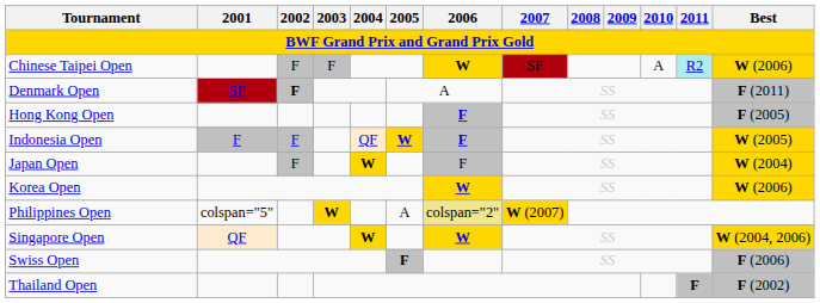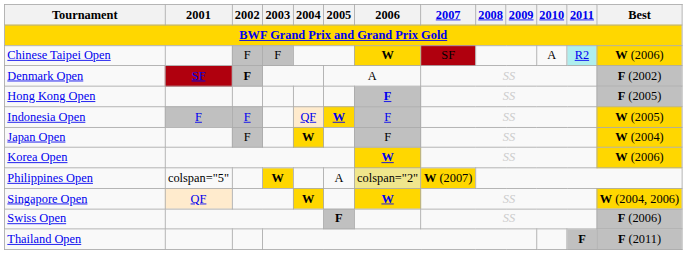 <table class="wikitable" style="font-size: 90%; text-align:center">
 <tr>
 <th width=180>Tournament</th>
 <th>2001</th>
 <th>2002</th>
 <th>2003</th>
 <th>2004</th>
 <th>2005</th>
 <th>2006</th>
 <th><a href='#'>2007</a></th>
 <th><a href='#'>2008</a></th>
 <th><a href='#'>2009</a></th>
 <th><a href='#'>2010</a></th>
 <th><a href='#'>2011</a></th>
 <th>Best</th>
 </tr>
 <tr bgcolor=FFD700>
 <td colspan=20 align=center><strong><a href='#'>BWF Grand Prix and Grand Prix Gold</a></strong></td>
 </tr>
 <tr>
 <td align=left> <a href='#'>Chinese Taipei Open</a></td>
 <td></td>
 <td bgcolor=Silver>F</td>
 <td bgcolor=Silver>F</td>
 <td colspan="2"></td>
 <td bgcolor=Gold><strong>W</strong></td>
 <td bgcolor=Bronze>SF</td>
 <td colspan="2"></td>
 <td>A</td>
 <td bgcolor=AFEEEE><a href='#'>R2</a></td>
 <td bgcolor=Gold><strong>W</strong> (2006)</td>
 </tr>
 <tr>
 <td align=left> <a href='#'>Denmark Open</a></td>
 <td bgcolor=Bronze><a href='#'>SF</a></td>
 <td bgcolor=Silver><strong>F</strong></td>
 <td colspan="2"></td>
 <td colspan="2">A</td>
 <td colspan="5" style=color:#ccc><em>SS</em></td>
-<td bgcolor=Silver><strong>F</strong> (2011)</td>
+<td bgcolor=Silver><strong>F</strong> (2002)</td>
 </tr>
 <tr>
 <td align=left> <a href='#'>Hong Kong Open</a></td>
 <td></td>
 <td></td>
 <td></td>
 <td></td>
 <td></td>
 <td bgcolor=Silver><a href='#'><strong>F</strong></a></td>
 <td colspan="5" style=color:#ccc><em>SS</em></td>
 <td bgcolor=Silver><strong>F</strong> (2005)</td>
 </tr>
 <tr>
 <td align=left> <a href='#'>Indonesia Open</a></td>
 <td bgcolor=Silver><a href='#'>F</a></td>
 <td bgcolor=Silver><a href='#'>F</a></td>
 <td></td>
 <td bgcolor=FFEBCD><a href='#'>QF</a></td>
 <td bgcolor=Gold><a href='#'><strong>W</strong></a></td>
-<td bgcolor=Silver><strong><a href='#'>F</a></strong></td>
+<td bgcolor=Silver><a href='#'>F</a></td>
 <td colspan="5" style=color:#ccc><em>SS</em></td>
 <td bgcolor=Gold><strong>W</strong> (2005)</td>
 </tr>
 <tr>
 <td align=left> <a href='#'>Japan Open</a></td>
 <td></td>
 <td bgcolor=Silver>F</td>
 <td></td>
 <td bgcolor=Gold><strong>W</strong></td>
 <td></td>
 <td bgcolor=Silver>F</td>
 <td colspan="5" style=color:#ccc><em>SS</em></td>
 <td bgcolor=Gold><strong>W</strong> (2004)</td>
 </tr>
 <tr>
 <td align=left> <a href='#'>Korea Open</a></td>
 <td colspan="5"></td>
 <td bgcolor=Gold><a href='#'><strong>W</strong></a></td>
 <td colspan="5" style=color:#ccc><em>SS</em></td>
 <td bgcolor=Gold><strong>W</strong> (2006)</td>
 </tr>
 <tr>
 <td align=left> <a href='#'>Philippines Open</a></td>
 <td>colspan="5" </td>
 <td></td>
 <td bgcolor=Gold><strong>W</strong></td>
 <td></td>
 <td>A</td>
 <td style="background: khaki;">colspan="2" </td>
 <td bgcolor=Gold><strong>W</strong> (2007)</td>
 </tr>
 <tr>
 <td align=left> <a href='#'>Singapore Open</a></td>
 <td bgcolor=FFEBCD><a href='#'>QF</a></td>
 <td colspan="2"></td>
 <td bgcolor=Gold><strong>W</strong></td>
 <td></td>
 <td bgcolor=Gold><a href='#'><strong>W</strong></a></td>
 <td colspan="5" style=color:#ccc><em>SS</em></td>
 <td bgcolor=Gold><strong>W</strong> (2004, 2006)</td>
 </tr>
 <tr>
 <td align=left> <a href='#'>Swiss Open</a></td>
 <td colspan="4"></td>
 <td bgcolor=Silver><strong>F</strong></td>
 <td></td>
 <td colspan="5" style=color:#ccc><em>SS</em></td>
 <td bgcolor=Silver><strong>F</strong> (2006)</td>
 </tr>
 <tr>
 <td align=left> <a href='#'>Thailand Open</a></td>
 <td></td>
 <td></td>
 <td colspan="7"></td>
 <td></td>
 <td bgcolor=Silver><strong>F</strong></td>
-<td bgcolor=Silver><strong>F</strong> (2002)</td>
+<td bgcolor=Silver><strong>F</strong> (2011)</td>
 </tr>
 </table>
